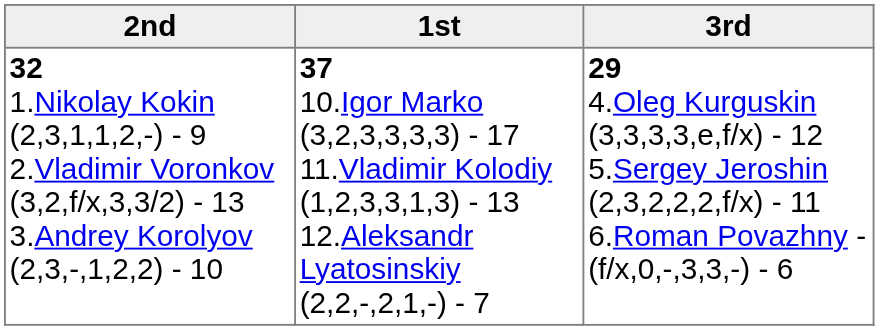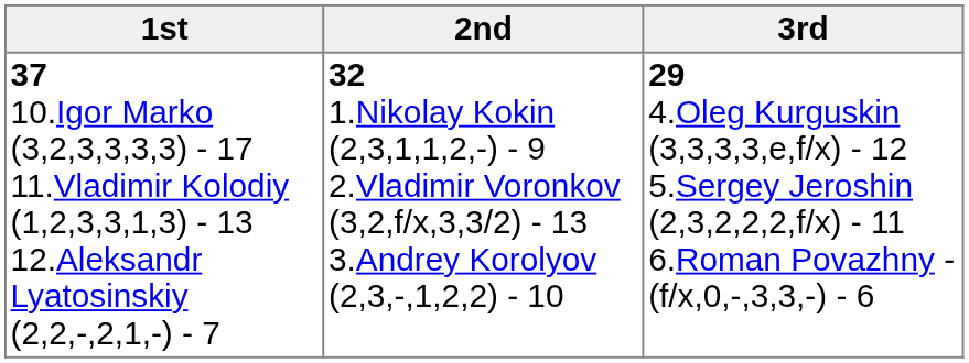 <table border="1" cellpadding="2" cellspacing="0" style="width:75%; border-collapse:collapse">
 <tr style="text-align:left; background:#efefef;">
+<th width=15% align=center >1st</th>
 <th width=15% align=center >2nd</th>
-<th width=15% align=center >1st</th>
 <th width=15% align=center >3rd</th>
 </tr>
 <tr align=left>
+<td valign=top align=left ><strong> 37</strong><br>10.<a href='#'>Igor Marko</a> (3,2,3,3,3,3) - 17<br>11.<a href='#'>Vladimir Kolodiy</a> (1,2,3,3,1,3) - 13<br>12.<a href='#'>Aleksandr Lyatosinskiy</a> (2,2,-,2,1,-) - 7</td>
 <td valign=top align=left ><strong> 32</strong><br>1.<a href='#'>Nikolay Kokin</a> (2,3,1,1,2,-) - 9<br>2.<a href='#'>Vladimir Voronkov</a> (3,2,f/x,3,3/2) - 13<br>3.<a href='#'>Andrey Korolyov</a> (2,3,-,1,2,2) - 10</td>
-<td valign=top align=left ><strong> 37</strong><br>10.<a href='#'>Igor Marko</a> (3,2,3,3,3,3) - 17<br>11.<a href='#'>Vladimir Kolodiy</a> (1,2,3,3,1,3) - 13<br>12.<a href='#'>Aleksandr Lyatosinskiy</a> (2,2,-,2,1,-) - 7</td>
 <td valign=top align=left ><strong> 29</strong><br>4.<a href='#'>Oleg Kurguskin</a> (3,3,3,3,e,f/x) - 12 <br>5.<a href='#'>Sergey Jeroshin</a> (2,3,2,2,2,f/x) - 11 <br>6.<a href='#'>Roman Povazhny</a> - (f/x,0,-,3,3,-) - 6</td>
 </tr>
 </table>
